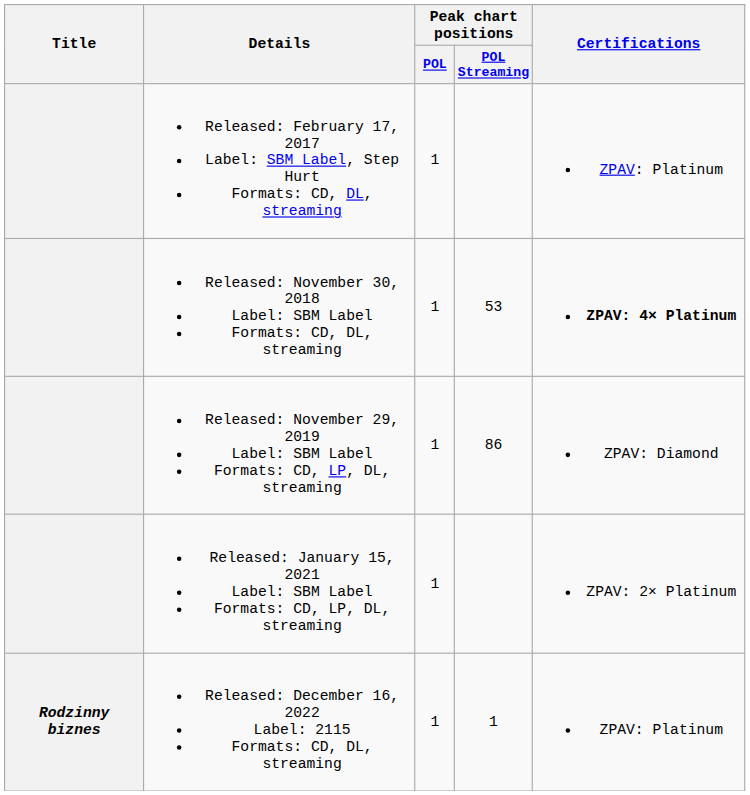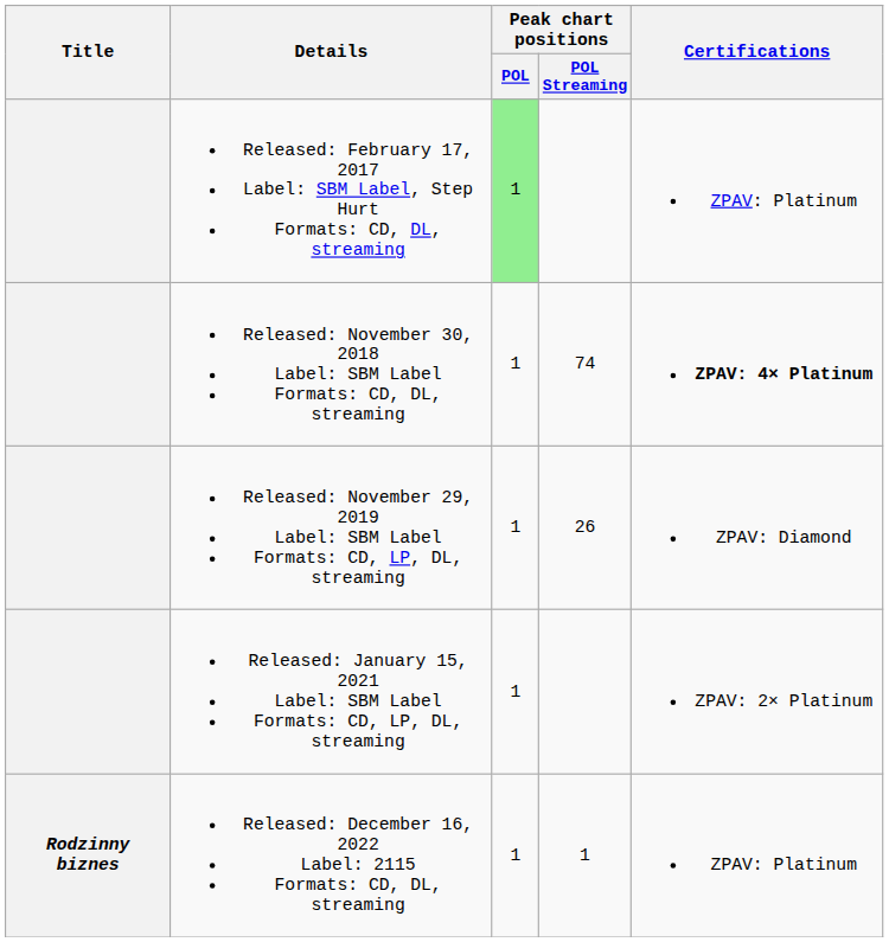 <table class="wikitable plainrowheaders" style="text-align:center;">
 <tr>
 <th scope="col" rowspan="2" style="width:9em;">Title</th>
 <th scope="col" rowspan="2" style="width:18em;">Details</th>
 <th scope="col" colspan="2">Peak chart positions</th>
 <th scope="col" rowspan="2" style="width:14em;"><a href='#'>Certifications</a></th>
 </tr>
 <tr>
 <th scope="col" style="width:2.5em;font-size:90%;"><a href='#'>POL</a><br></th>
 <th scope="col" style="width:2.5em;font-size:90%;"><a href='#'>POL<br>Streaming</a><br></th>
 </tr>
 <tr>
 <th scope="row"><em></em><br></th>
 <td><br><ul><li>Released: February 17, 2017</li><li>Label: <a href='#'>SBM Label</a>, Step Hurt</li><li>Formats: CD, <a href='#'>DL</a>, <a href='#'>streaming</a></li></ul></td>
-<td>1</td>
+<td style="background: lightgreen;">1</td>
 <td></td>
 <td><br><ul><li><a href='#'>ZPAV</a>: Platinum </li></ul></td>
 </tr>
 <tr>
 <th scope="row"><em></em><br></th>
 <td><br><ul><li>Released: November 30, 2018</li><li>Label: SBM Label</li><li>Formats: CD, DL, streaming</li></ul></td>
 <td>1</td>
-<td>53</td>
+<td>74</td>
 <td><strong><br><ul><li>ZPAV: 4× Platinum</li></ul></strong></td>
 </tr>
 <tr>
 <th scope="row"><em></em><br></th>
 <td><br><ul><li>Released: November 29, 2019</li><li>Label: SBM Label</li><li>Formats: CD, <a href='#'>LP</a>, DL, streaming</li></ul></td>
 <td>1</td>
-<td>86</td>
+<td>26</td>
 <td><br><ul><li>ZPAV: Diamond</li></ul></td>
 </tr>
 <tr>
 <th scope="row"><em></em><br></th>
 <td><br><ul><li>Released: January 15, 2021</li><li>Label: SBM Label</li><li>Formats: CD, LP, DL, streaming</li></ul></td>
 <td>1</td>
 <td></td>
 <td><br><ul><li>ZPAV: 2× Platinum</li></ul></td>
 </tr>
 <tr>
 <th scope="row"><em>Rodzinny biznes</em><br></th>
 <td><br><ul><li>Released: December 16, 2022</li><li>Label: 2115</li><li>Formats: CD, DL, streaming</li></ul></td>
 <td>1</td>
 <td>1</td>
 <td><br><ul><li>ZPAV: Platinum</li></ul></td>
 </tr>
 </table>
